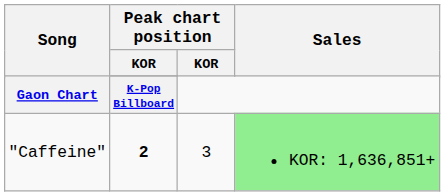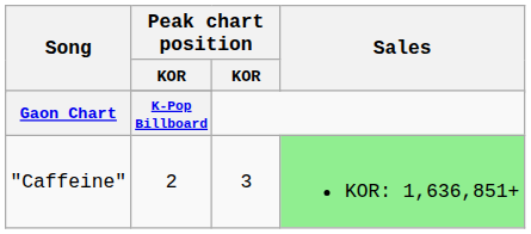 <table class="wikitable sortable" style="text-align:center;">
 <tr>
 <th rowspan="3">Song</th>
 <th colspan="2">Peak chart position</th>
 <th rowspan="3">Sales</th>
 </tr>
 <tr>
 <th colspan="1" width="40"><small>KOR</small></th>
 <th colspan width="40"><small>KOR</small></th>
 </tr>
 <tr style="font-size:smaller;">
 </tr>
 <tr style="font-size:smaller;">
 <th width="40"><a href='#'>Gaon Chart</a></th>
 <th width="40"><small><a href='#'>K-Pop</a> <a href='#'>Billboard</a></small></th>
 </tr>
 <tr>
 <td align="left">"Caffeine"</td>
-<td><strong>2</strong></td>
+<td>2</td>
 <td>3</td>
 <td style="background: lightgreen;"><br><ul><li>KOR: 1,636,851+</li></ul></td>
 </tr>
 </table>
